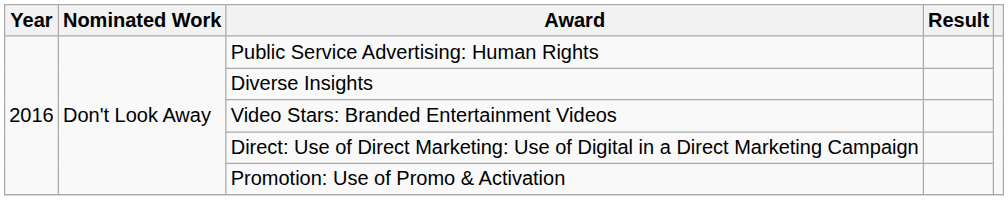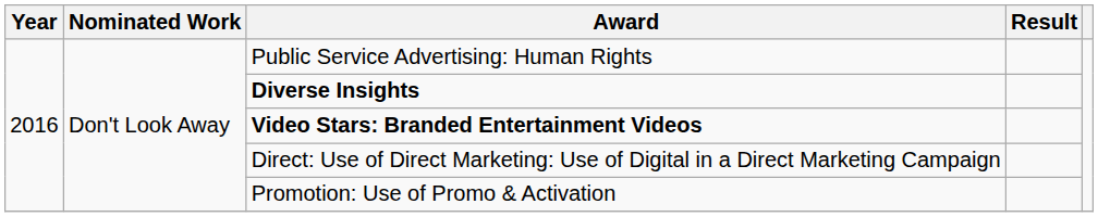 <table class="wikitable">
 <tr>
 <th>Year</th>
 <th>Nominated Work</th>
 <th>Award</th>
 <th>Result</th>
 <th></th>
 </tr>
 <tr>
 <td rowspan="5">2016</td>
 <td rowspan="5">Don't Look Away</td>
 <td>Public Service Advertising: Human Rights</td>
 <td></td>
 <td style="text-align:center;" rowspan="5"></td>
 </tr>
 <tr>
-<td>Diverse Insights</td>
+<td><strong>Diverse Insights</strong></td>
 <td></td>
 </tr>
 <tr>
-<td>Video Stars: Branded Entertainment Videos</td>
+<td><strong>Video Stars: Branded Entertainment Videos</strong></td>
 <td></td>
 </tr>
 <tr>
 <td>Direct: Use of Direct Marketing: Use of Digital in a Direct Marketing Campaign</td>
 <td></td>
 </tr>
 <tr>
 <td>Promotion: Use of Promo & Activation</td>
 <td></td>
 </tr>
 <tr>
 </tr>
 </table>
